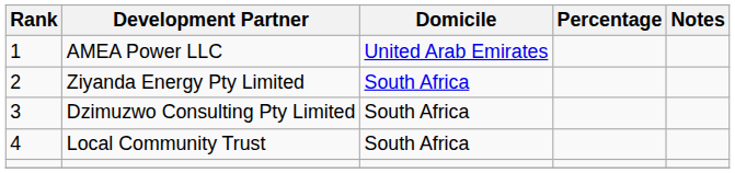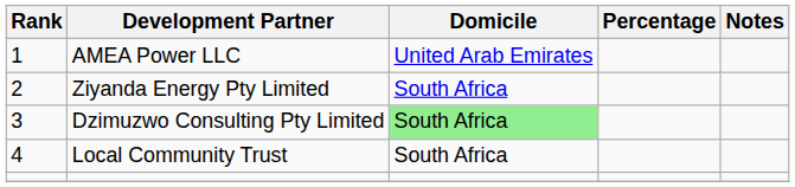 <table class="wikitable sortable" style="margin: 0.5em auto">
 <tr>
 <th>Rank</th>
 <th>Development Partner</th>
 <th>Domicile</th>
 <th>Percentage</th>
 <th>Notes</th>
 </tr>
 <tr>
 <td>1</td>
 <td>AMEA Power LLC</td>
 <td><a href='#'>United Arab Emirates</a></td>
 <td></td>
 <td></td>
 </tr>
 <tr>
 <td>2</td>
 <td>Ziyanda Energy Pty Limited</td>
 <td><a href='#'>South Africa</a></td>
 <td></td>
 <td></td>
 </tr>
 <tr>
 <td>3</td>
 <td>Dzimuzwo Consulting Pty Limited</td>
-<td>South Africa</td>
+<td style="background: lightgreen;">South Africa</td>
 <td></td>
 <td></td>
 </tr>
 <tr>
 <td>4</td>
 <td>Local Community Trust</td>
 <td>South Africa</td>
 <td></td>
 <td></td>
 </tr>
 <tr>
 <td></td>
 <td></td>
 <td></td>
 <td></td>
 <td></td>
 </tr>
 <tr>
 </tr>
 </table>
